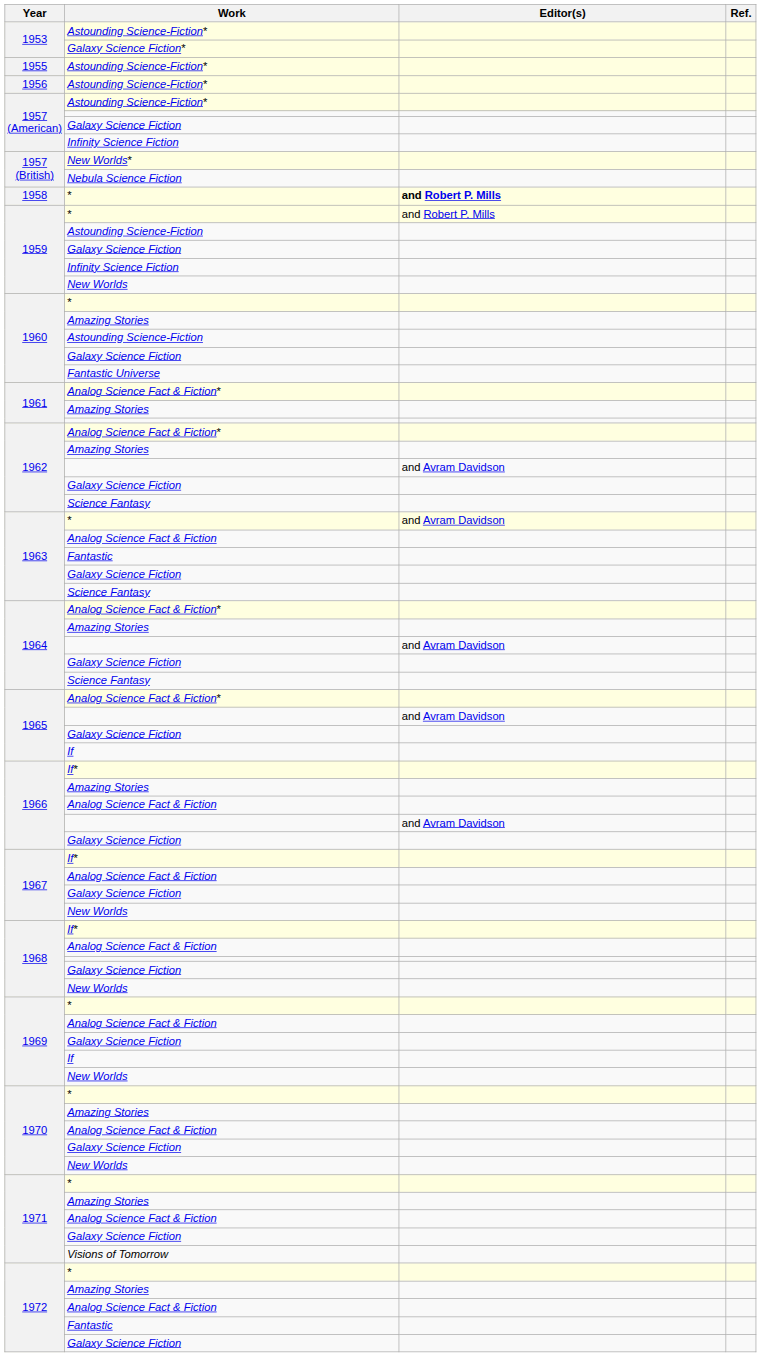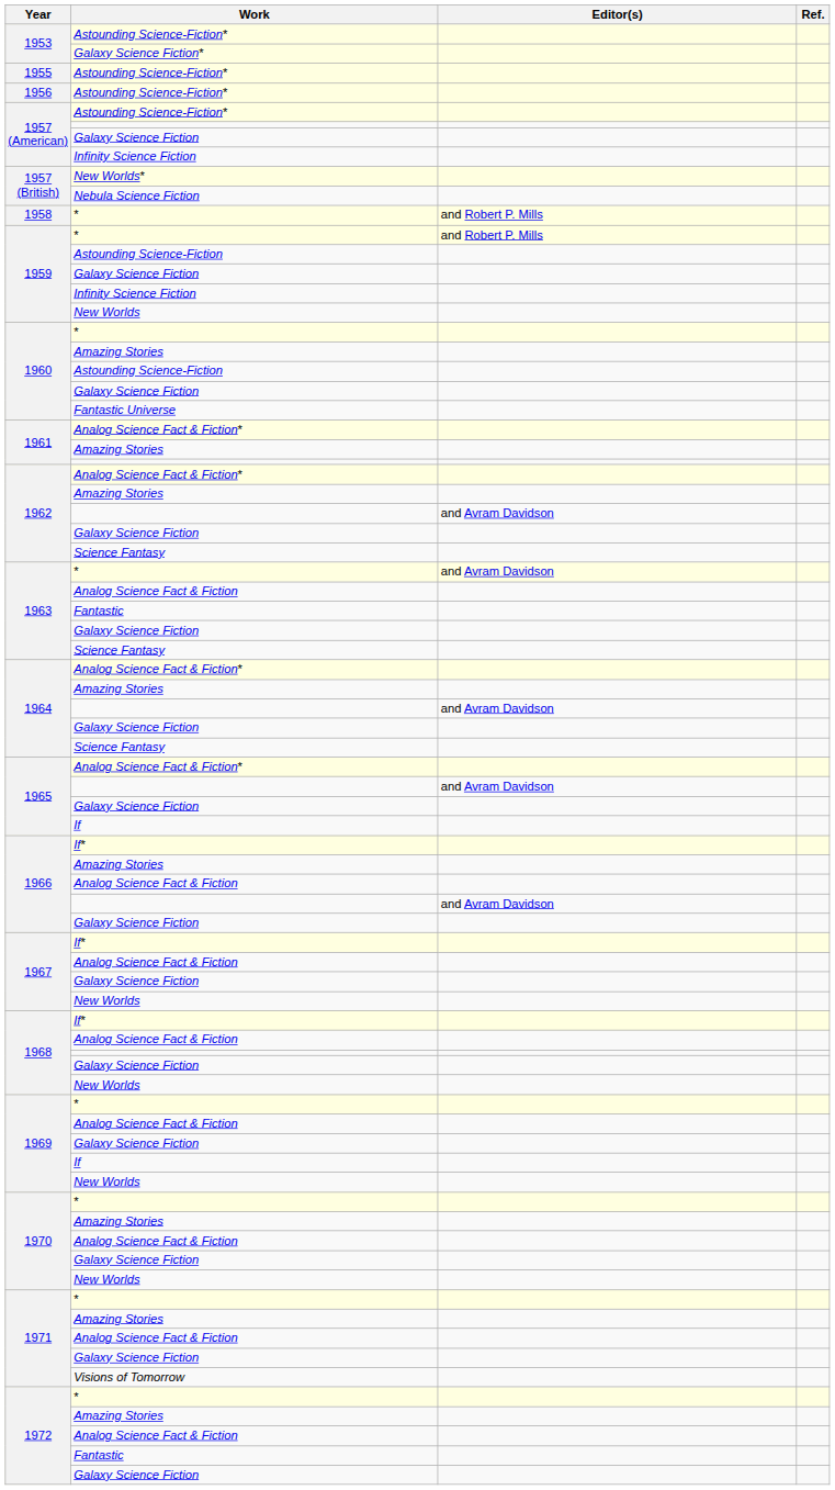 <table class="sortable wikitable" width="85%" cellpadding="5" style="margin: 1em auto 1em auto">
 <tr>
 <th width="7%" scope="col">Year</th>
 <th width="45%" scope="col">Work</th>
 <th width="44%" scope="col">Editor(s)</th>
 <th width="4%" scope="col" class="unsortable">Ref.</th>
 </tr>
 <tr style="background:lightyellow;">
 <th scope="row" align="center" rowspan="2" style="font-weight:normal;"><a href='#'>1953</a></th>
 <td><em><a href='#'>Astounding Science-Fiction</a></em>*</td>
 <td></td>
 <td align="center"></td>
 </tr>
 <tr style="background:lightyellow;">
 <td><em><a href='#'>Galaxy Science Fiction</a></em>*</td>
 <td></td>
 <td align="center"></td>
 </tr>
 <tr style="background:lightyellow;">
 <th scope="row" align="center" style="font-weight:normal;"><a href='#'>1955</a></th>
 <td><em><a href='#'>Astounding Science-Fiction</a></em>*</td>
 <td></td>
 <td align="center"></td>
 </tr>
 <tr style="background:lightyellow;">
 <th scope="row" align="center" style="font-weight:normal;"><a href='#'>1956</a></th>
 <td><em><a href='#'>Astounding Science-Fiction</a></em>*</td>
 <td></td>
 <td align="center"></td>
 </tr>
 <tr style="background:lightyellow;">
 <th scope="rowgroup" align="center" rowspan="4" style="font-weight:normal;"><a href='#'>1957<br>(American)</a></th>
 <td><em><a href='#'>Astounding Science-Fiction</a></em>*</td>
 <td></td>
 <td align="center"></td>
 </tr>
 <tr>
 <td></td>
 <td></td>
 <td align="center"></td>
 </tr>
 <tr>
 <td><em><a href='#'>Galaxy Science Fiction</a></em></td>
 <td></td>
 <td align="center"></td>
 </tr>
 <tr>
 <td><em><a href='#'>Infinity Science Fiction</a></em></td>
 <td></td>
 <td align="center"></td>
 </tr>
 <tr style="background:lightyellow;">
 <th scope="rowgroup" align="center" rowspan="2" style="font-weight:normal;"><a href='#'>1957<br>(British)</a></th>
 <td><em><a href='#'>New Worlds</a></em>*</td>
 <td></td>
 <td align="center"></td>
 </tr>
 <tr>
 <td><em><a href='#'>Nebula Science Fiction</a></em></td>
 <td></td>
 <td align="center"></td>
 </tr>
 <tr style="background:lightyellow;">
 <th scope="row" align="center" style="font-weight:normal;"><a href='#'>1958</a></th>
 <td>*</td>
-<td><strong> and <a href='#'>Robert P. Mills</a></strong></td>
+<td> and <a href='#'>Robert P. Mills</a></td>
 <td align="center"></td>
 </tr>
 <tr style="background:lightyellow;">
 <th scope="rowgroup" align="center" rowspan="5" style="font-weight:normal;"><a href='#'>1959</a></th>
 <td>*</td>
 <td> and <a href='#'>Robert P. Mills</a></td>
 <td align="center"></td>
 </tr>
 <tr>
 <td><em><a href='#'>Astounding Science-Fiction</a></em></td>
 <td></td>
 <td align="center"></td>
 </tr>
 <tr>
 <td><em><a href='#'>Galaxy Science Fiction</a></em></td>
 <td></td>
 <td align="center"></td>
 </tr>
 <tr>
 <td><em><a href='#'>Infinity Science Fiction</a></em></td>
 <td></td>
 <td align="center"></td>
 </tr>
 <tr>
 <td><em><a href='#'>New Worlds</a></em></td>
 <td></td>
 <td align="center"></td>
 </tr>
 <tr style="background:lightyellow;">
 <th scope="rowgroup" align="center" rowspan="5" style="font-weight:normal;"><a href='#'>1960</a></th>
 <td>*</td>
 <td></td>
 <td align="center"></td>
 </tr>
 <tr>
 <td><em><a href='#'>Amazing Stories</a></em></td>
 <td></td>
 <td align="center"></td>
 </tr>
 <tr>
 <td><em><a href='#'>Astounding Science-Fiction</a></em></td>
 <td></td>
 <td align="center"></td>
 </tr>
 <tr>
 <td><em><a href='#'>Galaxy Science Fiction</a></em></td>
 <td></td>
 <td align="center"></td>
 </tr>
 <tr>
 <td><em><a href='#'>Fantastic Universe</a></em></td>
 <td></td>
 <td align="center"></td>
 </tr>
 <tr style="background:lightyellow;">
 <th scope="rowgroup" align="center" rowspan="3" style="font-weight:normal;"><a href='#'>1961</a></th>
 <td><em><a href='#'>Analog Science Fact & Fiction</a></em>*</td>
 <td></td>
 <td align="center"></td>
 </tr>
 <tr>
 <td><em><a href='#'>Amazing Stories</a></em></td>
 <td></td>
 <td align="center"></td>
 </tr>
 <tr>
 <td></td>
 <td></td>
 <td align="center"></td>
 </tr>
 <tr style="background:lightyellow;">
 <th scope="rowgroup" align="center" rowspan="5" style="font-weight:normal;"><a href='#'>1962</a></th>
 <td><em><a href='#'>Analog Science Fact & Fiction</a></em>*</td>
 <td></td>
 <td align="center"></td>
 </tr>
 <tr>
 <td><em><a href='#'>Amazing Stories</a></em></td>
 <td></td>
 <td align="center"></td>
 </tr>
 <tr>
 <td></td>
 <td> and <a href='#'>Avram Davidson</a></td>
 <td align="center"></td>
 </tr>
 <tr>
 <td><em><a href='#'>Galaxy Science Fiction</a></em></td>
 <td></td>
 <td align="center"></td>
 </tr>
 <tr>
 <td><em><a href='#'>Science Fantasy</a></em></td>
 <td></td>
 <td align="center"></td>
 </tr>
 <tr style="background:lightyellow;">
 <th scope="rowgroup" align="center" rowspan="5" style="font-weight:normal;"><a href='#'>1963</a></th>
 <td>*</td>
 <td> and <a href='#'>Avram Davidson</a></td>
 <td align="center"></td>
 </tr>
 <tr>
 <td><em><a href='#'>Analog Science Fact & Fiction</a></em></td>
 <td></td>
 <td align="center"></td>
 </tr>
 <tr>
 <td><em><a href='#'>Fantastic</a></em></td>
 <td></td>
 <td align="center"></td>
 </tr>
 <tr>
 <td><em><a href='#'>Galaxy Science Fiction</a></em></td>
 <td></td>
 <td align="center"></td>
 </tr>
 <tr>
 <td><em><a href='#'>Science Fantasy</a></em></td>
 <td></td>
 <td align="center"></td>
 </tr>
 <tr style="background:lightyellow;">
 <th scope="rowgroup" align="center" rowspan="5" style="font-weight:normal;"><a href='#'>1964</a></th>
 <td><em><a href='#'>Analog Science Fact & Fiction</a></em>*</td>
 <td></td>
 <td align="center"></td>
 </tr>
 <tr>
 <td><em><a href='#'>Amazing Stories</a></em></td>
 <td></td>
 <td align="center"></td>
 </tr>
 <tr>
 <td></td>
 <td> and <a href='#'>Avram Davidson</a></td>
 <td align="center"></td>
 </tr>
 <tr>
 <td><em><a href='#'>Galaxy Science Fiction</a></em></td>
 <td></td>
 <td align="center"></td>
 </tr>
 <tr>
 <td><em><a href='#'>Science Fantasy</a></em></td>
 <td></td>
 <td align="center"></td>
 </tr>
 <tr style="background:lightyellow;">
 <th scope="rowgroup" align="center" rowspan="4" style="font-weight:normal;"><a href='#'>1965</a></th>
 <td><em><a href='#'>Analog Science Fact & Fiction</a></em>*</td>
 <td></td>
 <td align="center"></td>
 </tr>
 <tr>
 <td></td>
 <td> and <a href='#'>Avram Davidson</a></td>
 <td align="center"></td>
 </tr>
 <tr>
 <td><em><a href='#'>Galaxy Science Fiction</a></em></td>
 <td></td>
 <td align="center"></td>
 </tr>
 <tr>
 <td><em><a href='#'>If</a></em></td>
 <td></td>
 <td align="center"></td>
 </tr>
 <tr style="background:lightyellow;">
 <th scope="rowgroup" align="center" rowspan="5" style="font-weight:normal;"><a href='#'>1966</a></th>
 <td><em><a href='#'>If</a></em>*</td>
 <td></td>
 <td align="center"></td>
 </tr>
 <tr>
 <td><em><a href='#'>Amazing Stories</a></em></td>
 <td></td>
 <td align="center"></td>
 </tr>
 <tr>
 <td><em><a href='#'>Analog Science Fact & Fiction</a></em></td>
 <td></td>
 <td align="center"></td>
 </tr>
 <tr>
 <td></td>
 <td> and <a href='#'>Avram Davidson</a></td>
 <td align="center"></td>
 </tr>
 <tr>
 <td><em><a href='#'>Galaxy Science Fiction</a></em></td>
 <td></td>
 <td align="center"></td>
 </tr>
 <tr style="background:lightyellow;">
 <th scope="rowgroup" align="center" rowspan="4" style="font-weight:normal;"><a href='#'>1967</a></th>
 <td><em><a href='#'>If</a></em>*</td>
 <td></td>
 <td align="center"></td>
 </tr>
 <tr>
 <td><em><a href='#'>Analog Science Fact & Fiction</a></em></td>
 <td></td>
 <td align="center"></td>
 </tr>
 <tr>
 <td><em><a href='#'>Galaxy Science Fiction</a></em></td>
 <td></td>
 <td align="center"></td>
 </tr>
 <tr>
 <td><em><a href='#'>New Worlds</a></em></td>
 <td></td>
 <td align="center"></td>
 </tr>
 <tr style="background:lightyellow;">
 <th scope="rowgroup" align="center" rowspan="5" style="font-weight:normal;"><a href='#'>1968</a></th>
 <td><em><a href='#'>If</a></em>*</td>
 <td></td>
 <td align="center"></td>
 </tr>
 <tr>
 <td><em><a href='#'>Analog Science Fact & Fiction</a></em></td>
 <td></td>
 <td align="center"></td>
 </tr>
 <tr>
 <td></td>
 <td></td>
 <td align="center"></td>
 </tr>
 <tr>
 <td><em><a href='#'>Galaxy Science Fiction</a></em></td>
 <td></td>
 <td align="center"></td>
 </tr>
 <tr>
 <td><em><a href='#'>New Worlds</a></em></td>
 <td></td>
 <td align="center"></td>
 </tr>
 <tr style="background:lightyellow;">
 <th scope="rowgroup" align="center" rowspan="5" style="font-weight:normal;"><a href='#'>1969</a></th>
 <td>*</td>
 <td></td>
 <td align="center"></td>
 </tr>
 <tr>
 <td><em><a href='#'>Analog Science Fact & Fiction</a></em></td>
 <td></td>
 <td align="center"></td>
 </tr>
 <tr>
 <td><em><a href='#'>Galaxy Science Fiction</a></em></td>
 <td></td>
 <td align="center"></td>
 </tr>
 <tr>
 <td><em><a href='#'>If</a></em></td>
 <td></td>
 <td align="center"></td>
 </tr>
 <tr>
 <td><em><a href='#'>New Worlds</a></em></td>
 <td></td>
 <td align="center"></td>
 </tr>
 <tr style="background:lightyellow;">
 <th scope="rowgroup" align="center" rowspan="5" style="font-weight:normal;"><a href='#'>1970</a></th>
 <td>*</td>
 <td></td>
 <td align="center"></td>
 </tr>
 <tr>
 <td><em><a href='#'>Amazing Stories</a></em></td>
 <td></td>
 <td align="center"></td>
 </tr>
 <tr>
 <td><em><a href='#'>Analog Science Fact & Fiction</a></em></td>
 <td></td>
 <td align="center"></td>
 </tr>
 <tr>
 <td><em><a href='#'>Galaxy Science Fiction</a></em></td>
 <td></td>
 <td align="center"></td>
 </tr>
 <tr>
 <td><em><a href='#'>New Worlds</a></em></td>
 <td></td>
 <td align="center"></td>
 </tr>
 <tr style="background:lightyellow;">
 <th scope="rowgroup" align="center" rowspan="5" style="font-weight:normal;"><a href='#'>1971</a></th>
 <td>*</td>
 <td></td>
 <td align="center"></td>
 </tr>
 <tr>
 <td><em><a href='#'>Amazing Stories</a></em></td>
 <td></td>
 <td align="center"></td>
 </tr>
 <tr>
 <td><em><a href='#'>Analog Science Fact & Fiction</a></em></td>
 <td></td>
 <td align="center"></td>
 </tr>
 <tr>
 <td><em><a href='#'>Galaxy Science Fiction</a></em></td>
 <td></td>
 <td align="center"></td>
 </tr>
 <tr>
 <td><em>Visions of Tomorrow</em></td>
 <td></td>
 <td align="center"></td>
 </tr>
 <tr style="background:lightyellow;">
 <th scope="rowgroup" align="center" rowspan="5" style="font-weight:normal;"><a href='#'>1972</a></th>
 <td>*</td>
 <td></td>
 <td align="center"></td>
 </tr>
 <tr>
 <td><em><a href='#'>Amazing Stories</a></em></td>
 <td></td>
 <td align="center"></td>
 </tr>
 <tr>
 <td><em><a href='#'>Analog Science Fact & Fiction</a></em></td>
 <td></td>
 <td align="center"></td>
 </tr>
 <tr>
 <td><em><a href='#'>Fantastic</a></em></td>
 <td></td>
 <td align="center"></td>
 </tr>
 <tr>
 <td><em><a href='#'>Galaxy Science Fiction</a></em></td>
 <td></td>
 <td align="center"></td>
 </tr>
 </table>
